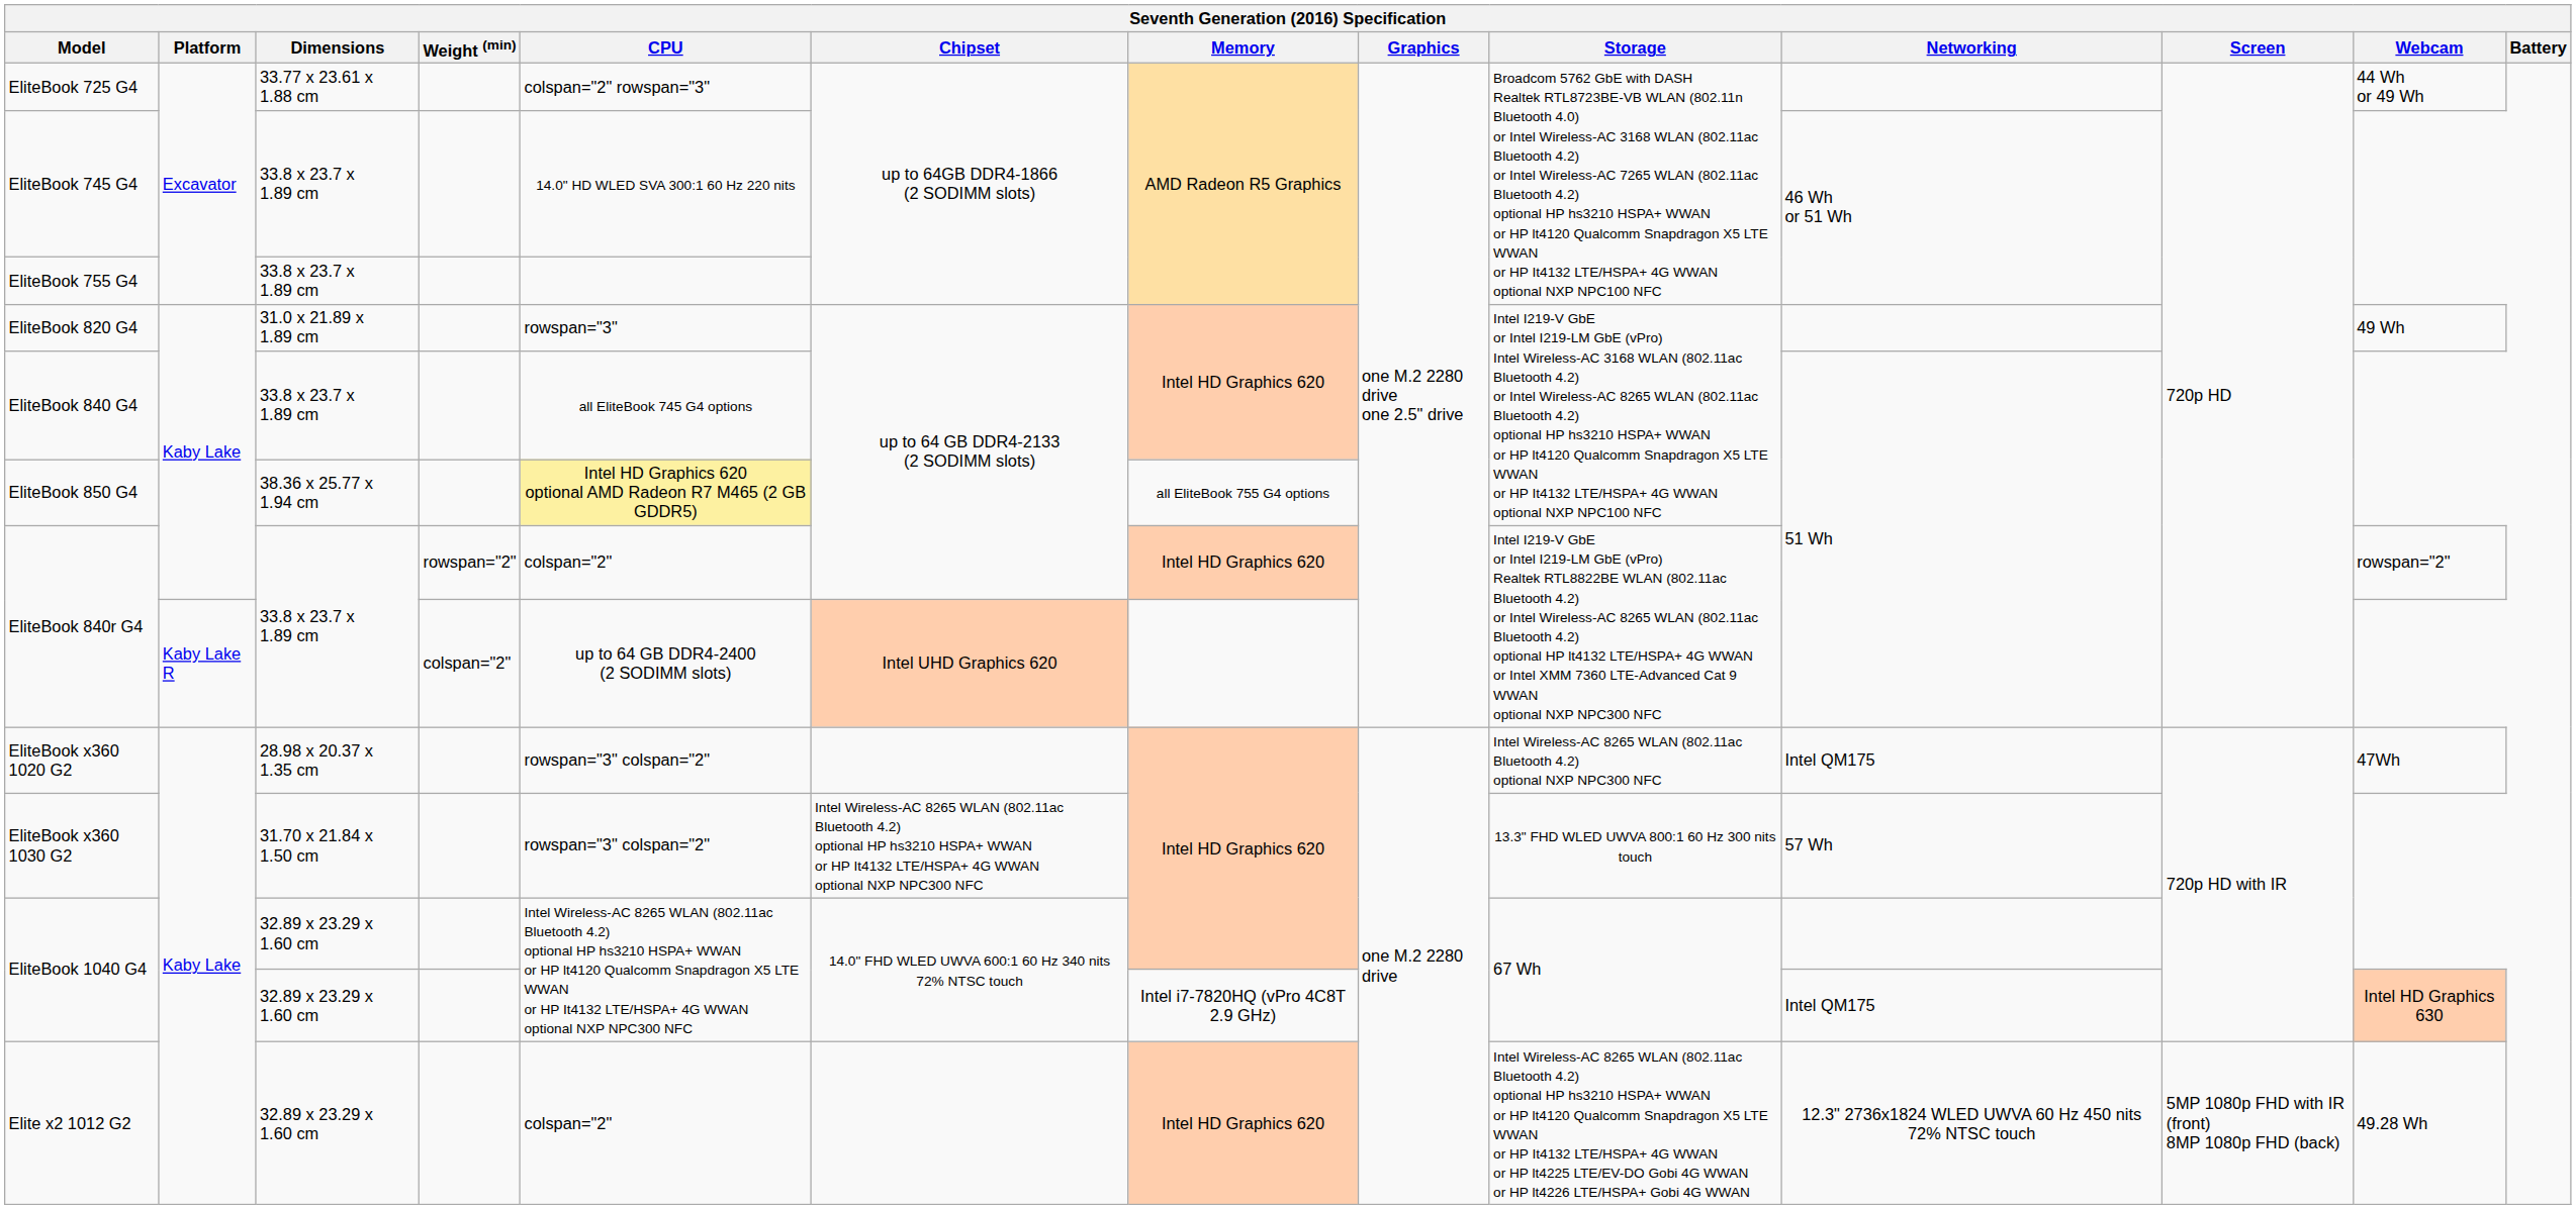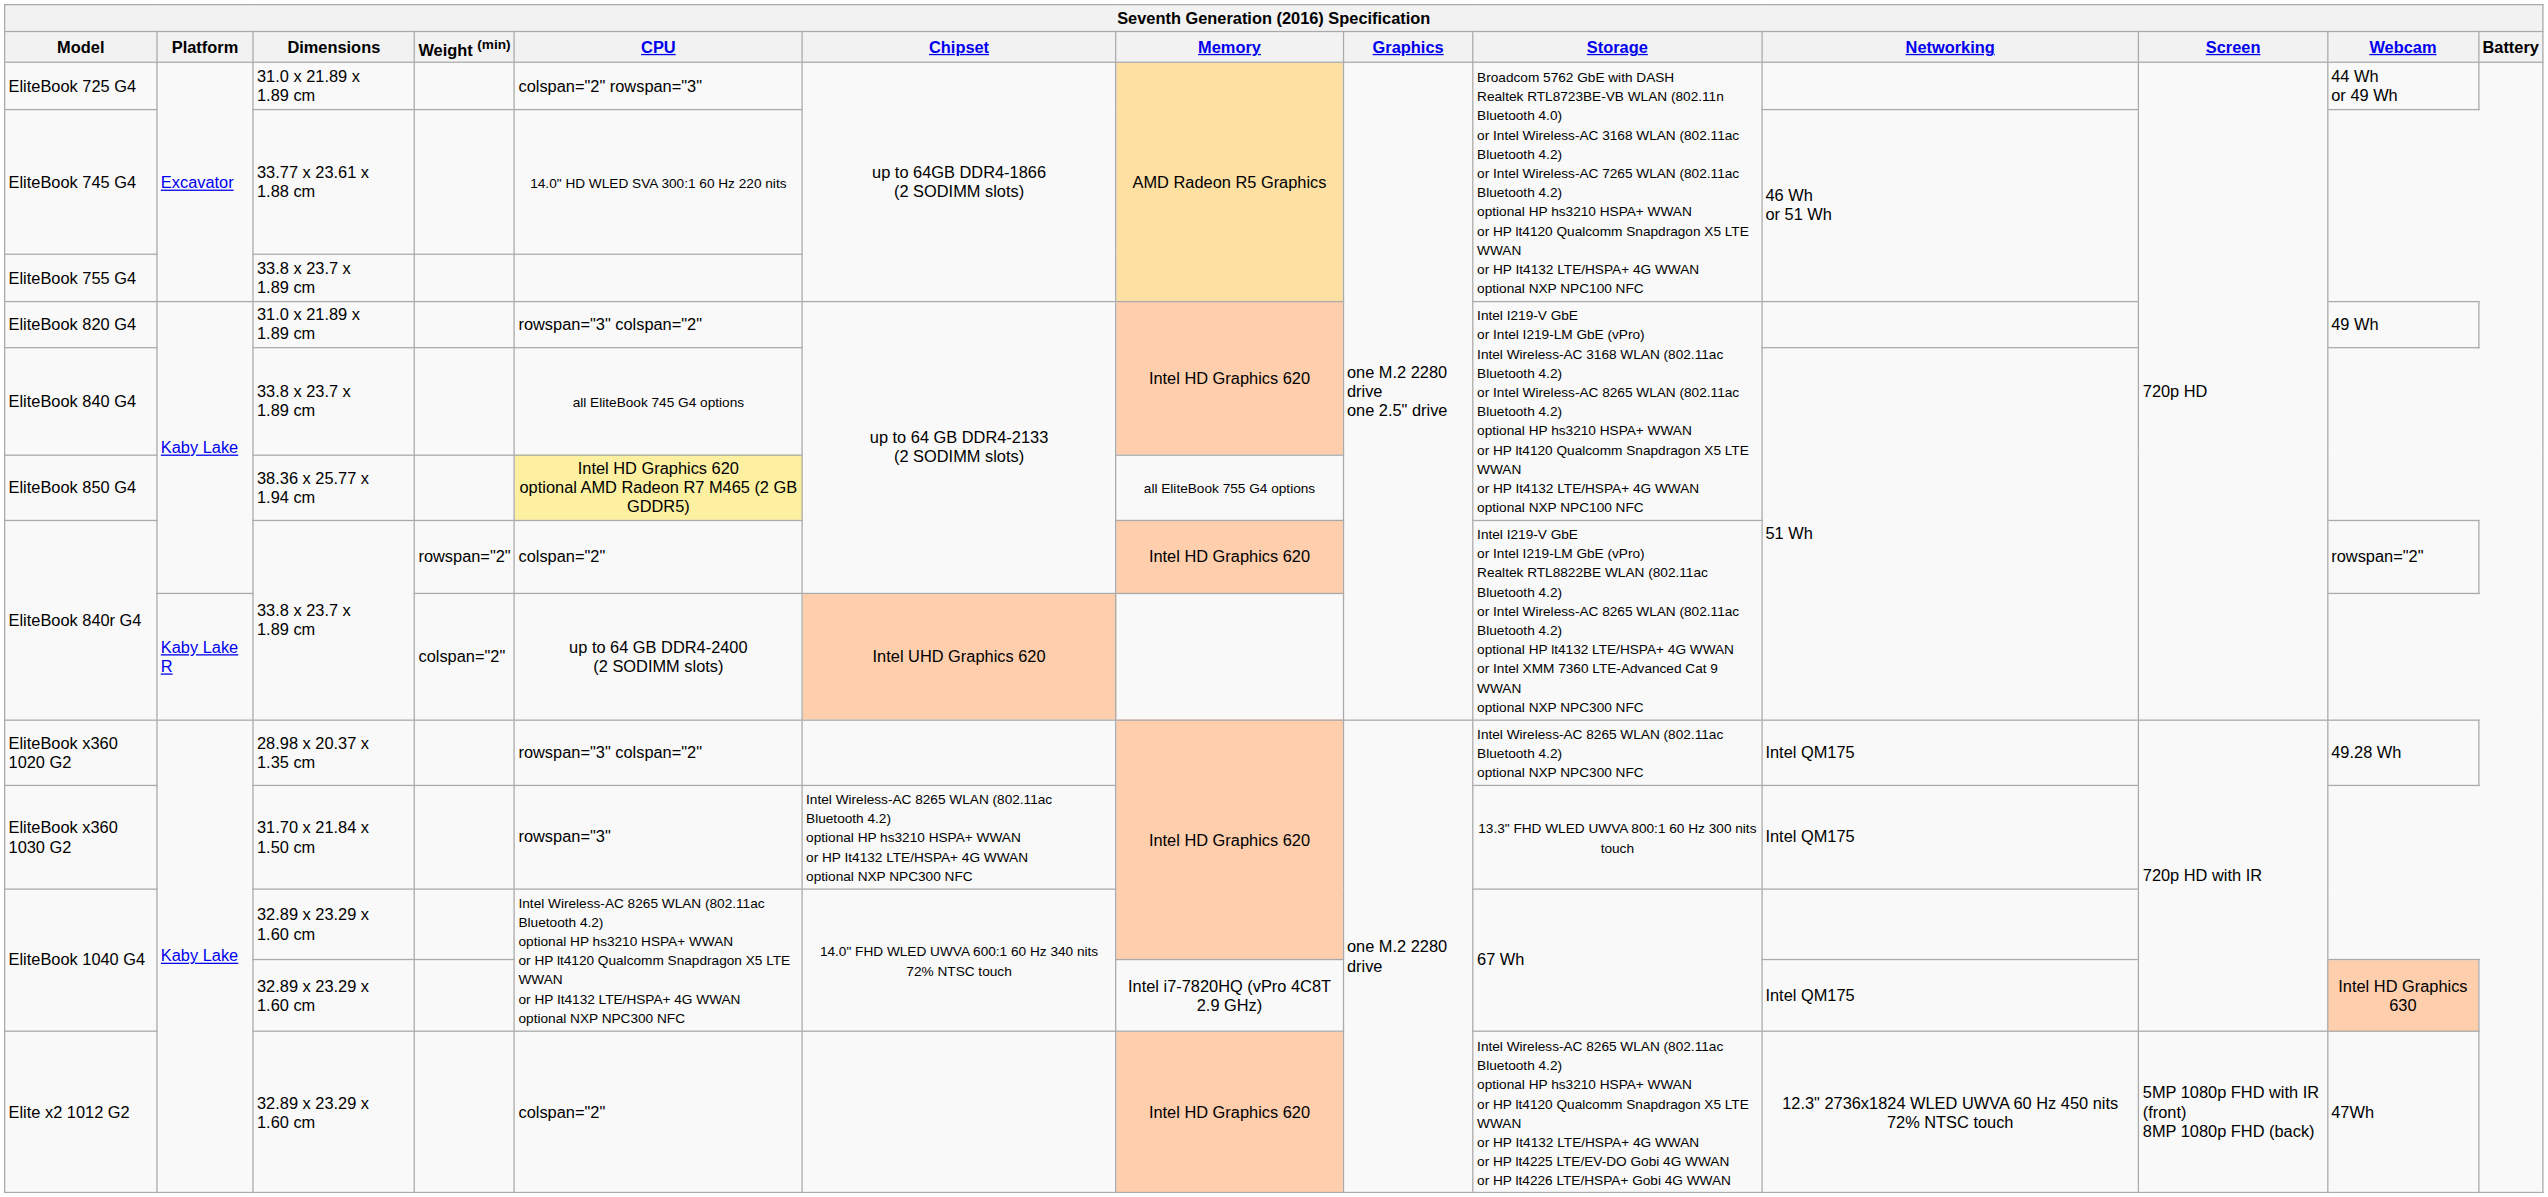 <table class="wikitable mw-collapsible mw-collapsed" style="font-size: 80%; width: 100%;">
 <tr>
 <th colspan="13">Seventh Generation (2016) Specification</th>
 </tr>
 <tr>
 <th width="6%">Model</th>
 <th>Platform</th>
 <th>Dimensions</th>
 <th>Weight <sup>(min)</sup></th>
 <th><a href='#'>CPU</a></th>
 <th><a href='#'>Chipset</a></th>
 <th><a href='#'>Memory</a></th>
 <th><a href='#'>Graphics</a></th>
 <th><a href='#'>Storage</a></th>
 <th><a href='#'>Networking</a></th>
 <th><a href='#'>Screen</a></th>
 <th><a href='#'>Webcam</a></th>
 <th>Battery</th>
 </tr>
 <tr>
 <td>EliteBook 725 G4 </td>
 <td rowspan="3"><a href='#'>Excavator</a></td>
-<td>33.77 x 23.61 x 1.88 cm</td>
+<td>31.0 x 21.89 x 1.89 cm</td>
 <td></td>
 <td>colspan="2" rowspan="3" </td>
 <td rowspan="3" style="text-align:center;background:">up to 64GB DDR4-1866<br>(2 SODIMM slots)</td>
 <td rowspan="3" style="text-align:center;background:#fee0a3;">AMD Radeon R5 Graphics<br></td>
 <td rowspan="8">one M.2 2280 drive<br>one 2.5" drive</td>
 <td rowspan="3"><small>Broadcom 5762 GbE with DASH<br>Realtek RTL8723BE-VB WLAN (802.11n Bluetooth 4.0)<br><span>or Intel Wireless-AC 3168 WLAN (802.11ac Bluetooth 4.2)<br>or Intel Wireless-AC 7265 WLAN (802.11ac Bluetooth 4.2)</span><br>optional HP hs3210 HSPA+ WWAN<br><span>or HP lt4120 Qualcomm Snapdragon X5 LTE WWAN<br>or HP It4132 LTE/HSPA+ 4G WWAN</span><br>optional NXP NPC100 NFC</small></td>
 <td></td>
 <td rowspan="8">720p HD</td>
 <td>44 Wh<br><span>or 49 Wh</span></td>
 </tr>
 <tr>
 <td>EliteBook 745 G4 </td>
-<td>33.8 x 23.7 x 1.89 cm</td>
+<td>33.77 x 23.61 x 1.88 cm</td>
 <td></td>
 <td style="text-align:center;background:"><small>14.0" HD WLED SVA 300:1 60 Hz 220 nits<br></small></td>
 <td rowspan="2">46 Wh<br><span>or 51 Wh</span></td>
 </tr>
 <tr>
 <td>EliteBook 755 G4 </td>
 <td>33.8 x 23.7 x 1.89 cm</td>
 <td></td>
 <td></td>
 </tr>
 <tr>
 <td>EliteBook 820 G4 </td>
 <td rowspan="4"><a href='#'>Kaby Lake</a></td>
 <td>31.0 x 21.89 x 1.89 cm</td>
 <td></td>
-<td>rowspan="3" </td>
+<td>rowspan="3" colspan="2" </td>
 <td rowspan="4" style="text-align:center;background:">up to 64 GB DDR4-2133<br>(2 SODIMM slots)</td>
 <td rowspan="2" style="text-align:center;background:#ffcead;">Intel HD Graphics 620</td>
 <td rowspan="3"><small>Intel I219-V GbE<br><span>or Intel I219-LM GbE (vPro)</span><br>Intel Wireless-AC 3168 WLAN (802.11ac Bluetooth 4.2)<br><span>or Intel Wireless-AC 8265 WLAN (802.11ac Bluetooth 4.2)</span><br>optional HP hs3210 HSPA+ WWAN<br><span>or HP lt4120 Qualcomm Snapdragon X5 LTE WWAN<br>or HP It4132 LTE/HSPA+ 4G WWAN</span><br>optional NXP NPC100 NFC</small></td>
 <td></td>
 <td>49 Wh</td>
 </tr>
 <tr>
 <td>EliteBook 840 G4 </td>
 <td>33.8 x 23.7 x 1.89 cm</td>
 <td></td>
 <td style="text-align:center;background:"><small>all EliteBook 745 G4 options<br></small></td>
 <td rowspan="4">51 Wh</td>
 </tr>
 <tr>
 <td>EliteBook 850 G4 </td>
 <td>38.36 x 25.77 x 1.94 cm</td>
 <td></td>
 <td style="text-align:center;background:#fdf1a1;">Intel HD Graphics 620<br> optional AMD Radeon R7 M465 (2 GB GDDR5)</td>
 <td style="text-align:center;background:"><small>all EliteBook 755 G4 options<br></small></td>
 </tr>
 <tr>
 <td rowspan="2">EliteBook 840r G4 </td>
 <td rowspan="2">33.8 x 23.7 x 1.89 cm</td>
 <td>rowspan="2" </td>
 <td>colspan="2" </td>
 <td style="text-align:center;background:#ffcead;">Intel HD Graphics 620</td>
 <td rowspan="2"><small>Intel I219-V GbE<br><span>or Intel I219-LM GbE (vPro)</span><br>Realtek RTL8822BE WLAN (802.11ac Bluetooth 4.2)<br><span>or Intel Wireless-AC 8265 WLAN (802.11ac Bluetooth 4.2)</span><br>optional HP lt4132 LTE/HSPA+ 4G WWAN<br><span>or Intel XMM 7360 LTE-Advanced Cat 9 WWAN</span><br>optional NXP NPC300 NFC</small></td>
 <td>rowspan="2" </td>
 </tr>
 <tr>
 <td><a href='#'>Kaby Lake R</a></td>
 <td>colspan="2" </td>
 <td style="text-align:center;background:">up to 64 GB DDR4-2400<br>(2 SODIMM slots)</td>
 <td style="text-align:center;background:#ffcead;">Intel UHD Graphics 620</td>
 </tr>
 <tr>
 <td>EliteBook x360 1020 G2 </td>
 <td rowspan="5"><a href='#'>Kaby Lake</a></td>
 <td>28.98 x 20.37 x 1.35 cm</td>
 <td></td>
 <td>rowspan="3" colspan="2" </td>
 <td></td>
 <td rowspan="3" style="text-align:center;background:#ffcead;">Intel HD Graphics 620</td>
 <td rowspan="5">one M.2 2280 drive</td>
 <td><small>Intel Wireless-AC 8265 WLAN (802.11ac Bluetooth 4.2)<br>optional NXP NPC300 NFC</small></td>
 <td>Intel QM175</td>
 <td rowspan="4">720p HD with IR</td>
-<td>47Wh</td>
+<td>49.28 Wh</td>
 </tr>
 <tr>
 <td>EliteBook x360 1030 G2 </td>
 <td>31.70 x 21.84 x 1.50 cm</td>
 <td></td>
-<td>rowspan="3" colspan="2" </td>
+<td>rowspan="3" </td>
 <td><small>Intel Wireless-AC 8265 WLAN (802.11ac Bluetooth 4.2)<br>optional HP hs3210 HSPA+ WWAN<br><span>or HP It4132 LTE/HSPA+ 4G WWAN<br></span>optional NXP NPC300 NFC</small></td>
 <td style="text-align:center;background:"><small>13.3" FHD WLED UWVA 800:1 60 Hz 300 nits touch<br></small></td>
-<td>57 Wh</td>
+<td>Intel QM175</td>
 </tr>
 <tr>
 <td rowspan="2">EliteBook 1040 G4 </td>
 <td>32.89 x 23.29 x 1.60 cm</td>
 <td></td>
 <td rowspan="2"><small>Intel Wireless-AC 8265 WLAN (802.11ac Bluetooth 4.2)<br>optional HP hs3210 HSPA+ WWAN<br><span>or HP lt4120 Qualcomm Snapdragon X5 LTE WWAN<br>or HP It4132 LTE/HSPA+ 4G WWAN<br></span>optional NXP NPC300 NFC</small></td>
 <td rowspan="2" style="text-align:center;background:"><small>14.0" FHD WLED UWVA 600:1 60 Hz 340 nits 72% NTSC touch<br></small></td>
 <td rowspan="2">67 Wh</td>
 </tr>
 <tr>
 <td>32.89 x 23.29 x 1.60 cm</td>
 <td></td>
 <td style="text-align:center;background:">Intel i7-7820HQ (vPro 4C8T 2.9 GHz)</td>
 <td>Intel QM175</td>
 <td style="text-align:center;background:#ffcead;">Intel HD Graphics 630</td>
 </tr>
 <tr>
 <td>Elite x2 1012 G2 </td>
 <td>32.89 x 23.29 x 1.60 cm</td>
 <td></td>
 <td>colspan="2" </td>
 <td></td>
 <td style="text-align:center;background:#ffcead;">Intel HD Graphics 620</td>
 <td><small>Intel Wireless-AC 8265 WLAN (802.11ac Bluetooth 4.2)<br>optional HP hs3210 HSPA+ WWAN<br><span>or HP lt4120 Qualcomm Snapdragon X5 LTE WWAN<br>or HP It4132 LTE/HSPA+ 4G WWAN<br>or HP lt4225 LTE/EV-DO Gobi 4G WWAN<br>or HP lt4226 LTE/HSPA+ Gobi 4G WWAN</span></small></td>
 <td style="text-align:center;background:">12.3" 2736x1824 WLED UWVA 60 Hz 450 nits 72% NTSC touch</td>
 <td>5MP 1080p FHD with IR (front)<br>8MP 1080p FHD (back)</td>
-<td>49.28 Wh</td>
+<td>47Wh</td>
 </tr>
 </table>
